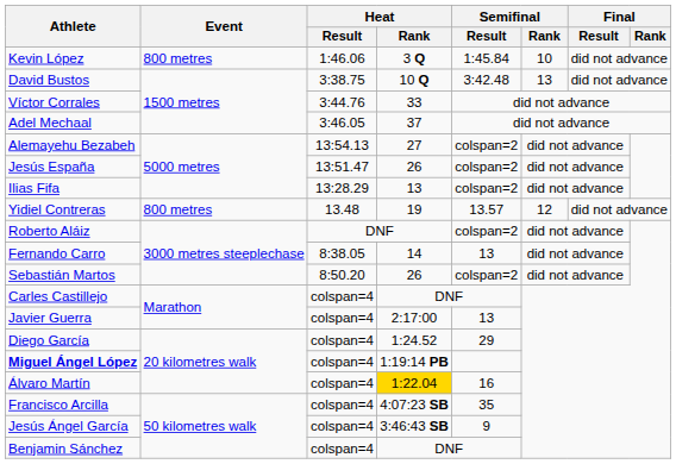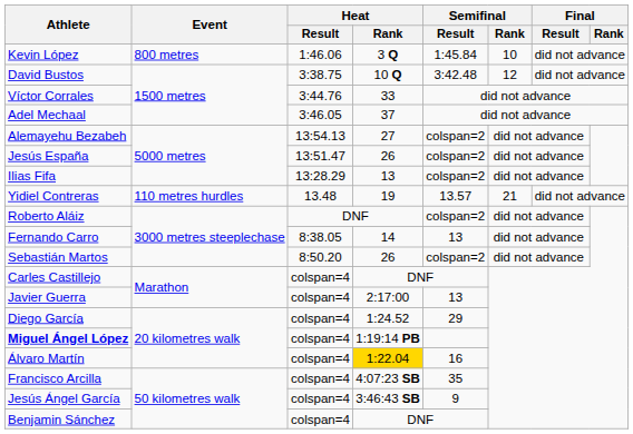 <table class="wikitable" style="font-size:90%">
 <tr>
 <th rowspan="2">Athlete</th>
 <th rowspan="2">Event</th>
 <th colspan="2">Heat</th>
 <th colspan="2">Semifinal</th>
 <th colspan="2">Final</th>
 </tr>
 <tr style="font-size:95%">
 <th>Result</th>
 <th>Rank</th>
 <th>Result</th>
 <th>Rank</th>
 <th>Result</th>
 <th>Rank</th>
 </tr>
 <tr align=center>
 <td align=left><a href='#'>Kevin López</a></td>
 <td align=left><a href='#'>800 metres</a></td>
 <td>1:46.06</td>
 <td>3 <strong>Q</strong></td>
 <td>1:45.84</td>
 <td>10</td>
 <td colspan=2>did not advance</td>
 </tr>
 <tr align=center>
 <td align=left><a href='#'>David Bustos</a></td>
 <td align=left rowspan=3><a href='#'>1500 metres</a></td>
 <td>3:38.75</td>
 <td>10 <strong>Q</strong></td>
 <td>3:42.48</td>
-<td>13</td>
+<td>12</td>
 <td colspan=2>did not advance</td>
 </tr>
 <tr align=center>
 <td align=left><a href='#'>Víctor Corrales</a></td>
 <td>3:44.76</td>
 <td>33</td>
 <td colspan=4>did not advance</td>
 </tr>
 <tr align=center>
 <td align=left><a href='#'>Adel Mechaal</a></td>
 <td>3:46.05</td>
 <td>37</td>
 <td colspan=4>did not advance</td>
 </tr>
 <tr align=center>
 <td align=left><a href='#'>Alemayehu Bezabeh</a></td>
 <td align=left rowspan=3><a href='#'>5000 metres</a></td>
 <td>13:54.13</td>
 <td>27</td>
 <td>colspan=2 </td>
 <td colspan=2>did not advance</td>
 </tr>
 <tr align=center>
 <td align=left><a href='#'>Jesús España</a></td>
 <td>13:51.47</td>
 <td>26</td>
 <td>colspan=2 </td>
 <td colspan=2>did not advance</td>
 </tr>
 <tr align=center>
 <td align=left><a href='#'>Ilias Fifa</a></td>
 <td>13:28.29</td>
 <td>13</td>
 <td>colspan=2 </td>
 <td colspan=2>did not advance</td>
 </tr>
 <tr align=center>
 <td align=left><a href='#'>Yidiel Contreras</a></td>
-<td align=left><a href='#'>800 metres</a></td>
+<td align=left><a href='#'>110 metres hurdles</a></td>
 <td>13.48</td>
 <td>19</td>
 <td>13.57</td>
-<td>12</td>
+<td>21</td>
 <td colspan=2>did not advance</td>
 </tr>
 <tr align=center>
 <td align=left><a href='#'>Roberto Aláiz</a></td>
 <td align=left rowspan=3><a href='#'>3000 metres steeplechase</a></td>
 <td colspan=2>DNF</td>
 <td>colspan=2 </td>
 <td colspan=2>did not advance</td>
 </tr>
 <tr align=center>
 <td align=left><a href='#'>Fernando Carro</a></td>
 <td>8:38.05</td>
 <td>14</td>
 <td>13</td>
 <td colspan=2>did not advance</td>
 </tr>
 <tr align=center>
 <td align=left><a href='#'>Sebastián Martos</a></td>
 <td>8:50.20</td>
 <td>26</td>
 <td>colspan=2 </td>
 <td colspan=2>did not advance</td>
 </tr>
 <tr align=center>
 <td align=left><a href='#'>Carles Castillejo</a></td>
 <td align=left rowspan=2><a href='#'>Marathon</a></td>
 <td>colspan=4 </td>
 <td colspan=2>DNF</td>
 </tr>
 <tr align=center>
 <td align=left><a href='#'>Javier Guerra</a></td>
 <td>colspan=4 </td>
 <td>2:17:00</td>
 <td>13</td>
 </tr>
 <tr align=center>
 <td align=left><a href='#'>Diego García</a></td>
 <td align=left rowspan=3><a href='#'>20 kilometres walk</a></td>
 <td>colspan=4 </td>
 <td>1:24.52</td>
 <td>29</td>
 </tr>
 <tr align=center>
 <td align=left><strong><a href='#'>Miguel Ángel López</a></strong></td>
 <td>colspan=4 </td>
 <td>1:19:14 <strong>PB</strong></td>
 <td></td>
 </tr>
 <tr align=center>
 <td align=left><a href='#'>Álvaro Martín</a></td>
 <td>colspan=4 </td>
 <td style="background: gold;">1:22.04</td>
 <td>16</td>
 </tr>
 <tr align=center>
 <td align=left><a href='#'>Francisco Arcilla</a></td>
 <td align=left rowspan=3><a href='#'>50 kilometres walk</a></td>
 <td>colspan=4 </td>
 <td>4:07:23 <strong>SB</strong></td>
 <td>35</td>
 </tr>
 <tr align=center>
 <td align=left><a href='#'>Jesús Ángel García</a></td>
 <td>colspan=4 </td>
 <td>3:46:43 <strong>SB</strong></td>
 <td>9</td>
 </tr>
 <tr align=center>
 <td align=left><a href='#'>Benjamin Sánchez</a></td>
 <td>colspan=4 </td>
 <td colspan=2>DNF</td>
 </tr>
 </table>
